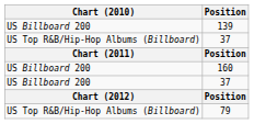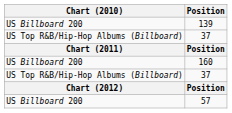 <table class="wikitable">
 <tr>
 <th>Chart (2010)</th>
 <th>Position</th>
 </tr>
 <tr>
 <td>US <em>Billboard</em> 200</td>
 <td align="center">139</td>
 </tr>
 <tr>
 <td>US Top R&B/Hip-Hop Albums (<em>Billboard</em>)</td>
 <td align="center">37</td>
 </tr>
 <tr>
 <th>Chart (2011)</th>
 <th>Position</th>
 </tr>
 <tr>
 <td>US <em>Billboard</em> 200</td>
 <td align="center">160</td>
 </tr>
 <tr>
-<td>US <em>Billboard</em> 200</td>
+<td>US Top R&B/Hip-Hop Albums (<em>Billboard</em>)</td>
 <td align="center">37</td>
 </tr>
 <tr>
 <th>Chart (2012)</th>
 <th>Position</th>
 </tr>
 <tr>
-<td>US Top R&B/Hip-Hop Albums (<em>Billboard</em>)</td>
-<td align="center">79</td>
+<td>US <em>Billboard</em> 200</td>
+<td align="center">57</td>
 </tr>
 </table>
